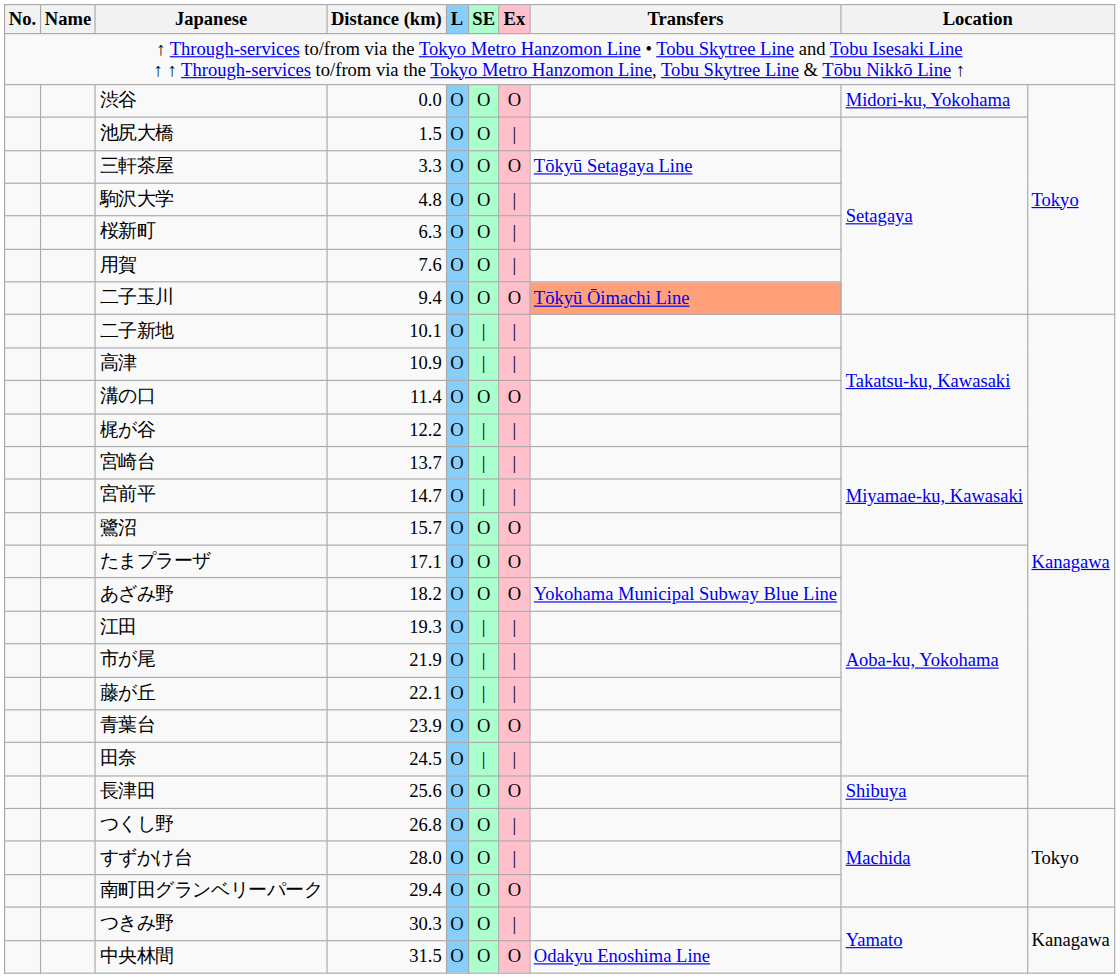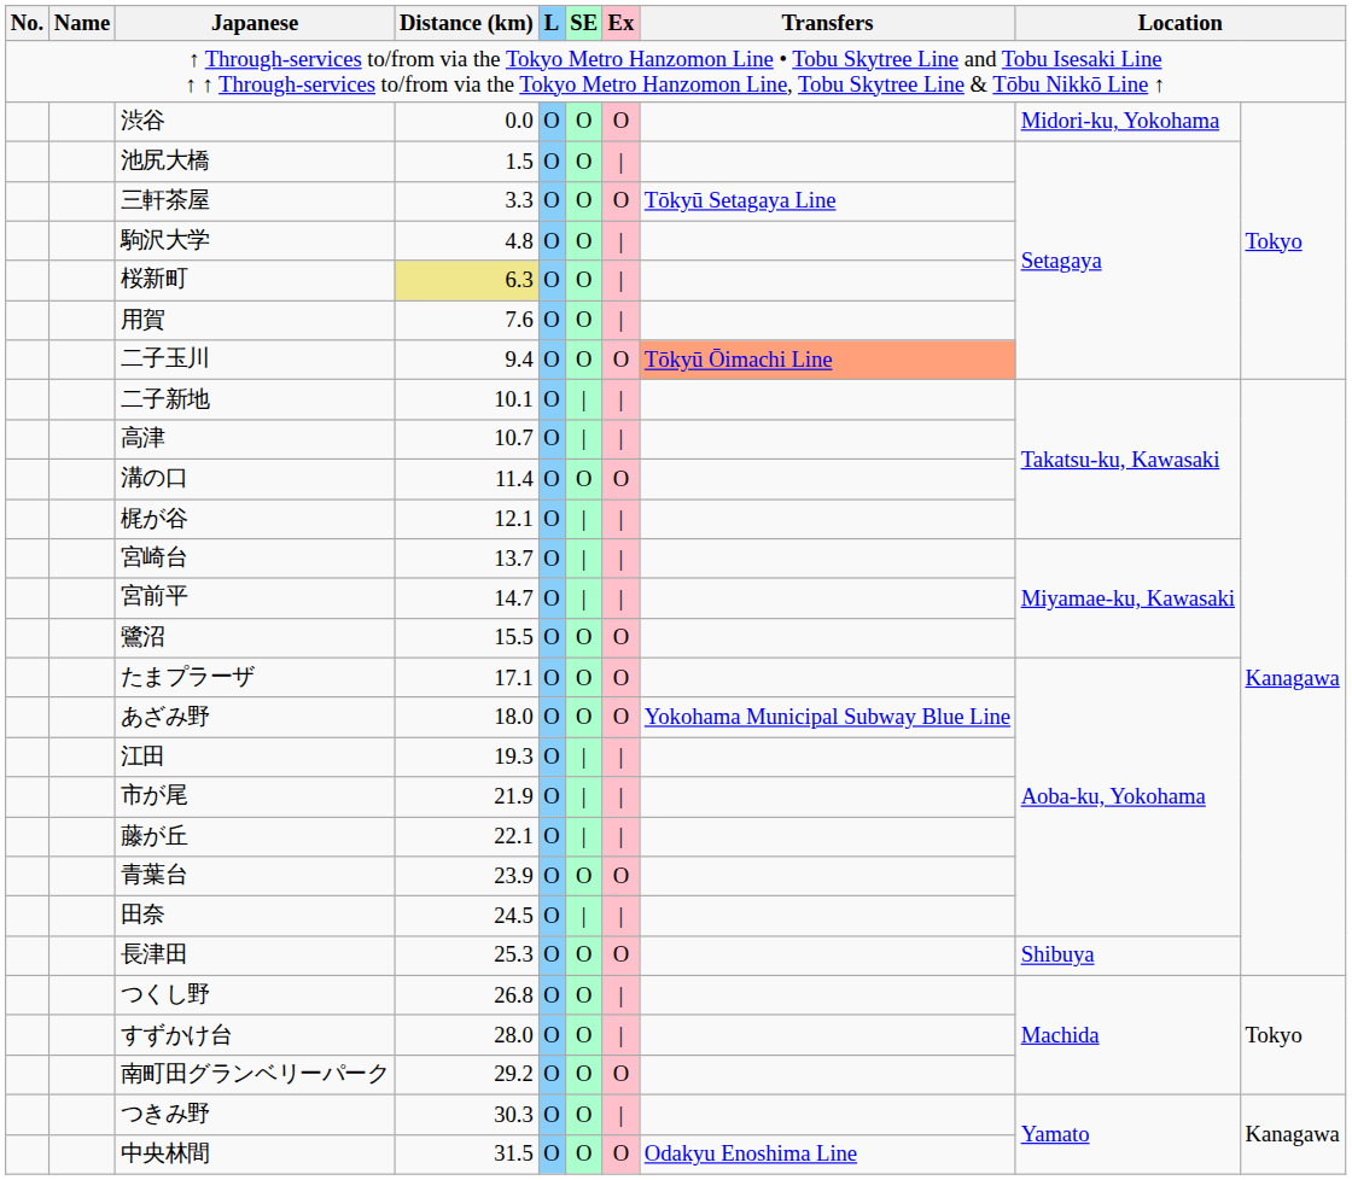 <table class="wikitable" style="text-align: center">
 <tr style="text-align: center; ">
 <th>No.</th>
 <th>Name</th>
 <th>Japanese</th>
 <th>Distance (km)</th>
 <th style="background: LightSkyBlue; ">L</th>
 <th style="background: #aaffcc; ">SE</th>
 <th style="background: pink; ">Ex</th>
 <th>Transfers</th>
 <th colspan="2">Location</th>
 </tr>
 <tr style="text-align: center; ">
 <td colspan="10" align="center">↑ <a href='#'>Through-services</a> to/from  via the   <a href='#'>Tokyo Metro Hanzomon Line</a> •  <a href='#'>Tobu Skytree Line</a> and <a href='#'>Tobu Isesaki Line</a><br>↑ ↑ <a href='#'>Through-services</a> to/from  via the  <a href='#'>Tokyo Metro Hanzomon Line</a>,  <a href='#'>Tobu Skytree Line</a> &  <a href='#'>Tōbu Nikkō Line</a> ↑</td>
 </tr>
 <tr style="text-align: center; ">
 <td style="text-align: left; "></td>
 <td style="text-align: left; "></td>
 <td style="text-align: left; ">渋谷</td>
 <td style="text-align: right; ">0.0</td>
 <td style="background: LightSkyBlue; ">O</td>
 <td style="background: #aaffcc; ">O</td>
 <td style="background: pink; ">O</td>
 <td style="text-align: left; "></td>
 <td style="text-align: left; "><a href='#'>Midori-ku, Yokohama</a></td>
 <td rowspan="7" style="text-align: left; "><a href='#'>Tokyo</a></td>
 </tr>
 <tr style="text-align: center; ">
 <td style="text-align: left; "></td>
 <td style="text-align: left; "></td>
 <td style="text-align: left; ">池尻大橋</td>
 <td style="text-align: right; ">1.5</td>
 <td style="background: LightSkyBlue; ">O</td>
 <td style="background: #aaffcc; ">O</td>
 <td style="background: pink; ">|</td>
 <td> </td>
 <td rowspan="6" style="text-align: left; "><a href='#'>Setagaya</a></td>
 </tr>
 <tr style="text-align: center; ">
 <td style="text-align: left; "></td>
 <td style="text-align: left; "></td>
 <td style="text-align: left; ">三軒茶屋</td>
 <td style="text-align: right; ">3.3</td>
 <td style="background: LightSkyBlue; ">O</td>
 <td style="background: #aaffcc; ">O</td>
 <td style="background: pink; ">O</td>
 <td style="text-align: left; "> <a href='#'>Tōkyū Setagaya Line</a></td>
 </tr>
 <tr style="text-align: center; ">
 <td style="text-align: left; "></td>
 <td style="text-align: left; "></td>
 <td style="text-align: left; ">駒沢大学</td>
 <td style="text-align: right; ">4.8</td>
 <td style="background: LightSkyBlue; ">O</td>
 <td style="background: #aaffcc; ">O</td>
 <td style="background: pink; ">|</td>
 <td> </td>
 </tr>
 <tr style="text-align: center; ">
 <td style="text-align: left; "></td>
 <td style="text-align: left; "></td>
 <td style="text-align: left; ">桜新町</td>
-<td style="text-align: right; ">6.3</td>
+<td style="background: khaki; text-align: right; ">6.3</td>
 <td style="background: LightSkyBlue; ">O</td>
 <td style="background: #aaffcc; ">O</td>
 <td style="background: pink; ">|</td>
 <td> </td>
 </tr>
 <tr style="text-align: center; ">
 <td style="text-align: left; "></td>
 <td style="text-align: left; "></td>
 <td style="text-align: left; ">用賀</td>
 <td style="text-align: right; ">7.6</td>
 <td style="background: LightSkyBlue; ">O</td>
 <td style="background: #aaffcc; ">O</td>
 <td style="background: pink; ">|</td>
 <td> </td>
 </tr>
 <tr style="text-align: center; ">
 <td style="text-align: left; "></td>
 <td style="text-align: left; "></td>
 <td style="text-align: left; ">二子玉川</td>
 <td style="text-align: right; ">9.4</td>
 <td style="background: LightSkyBlue; ">O</td>
 <td style="background: #aaffcc; ">O</td>
 <td style="background: pink; ">O</td>
 <td style="background: lightsalmon; text-align: left; "> <a href='#'>Tōkyū Ōimachi Line</a></td>
 </tr>
 <tr style="text-align: center; ">
 <td style="text-align: left; "></td>
 <td style="text-align: left; "></td>
 <td style="text-align: left; ">二子新地</td>
 <td style="text-align: right; ">10.1</td>
 <td style="background: LightSkyBlue; ">O</td>
 <td style="background: #aaffcc; ">|</td>
 <td style="background: pink; ">|</td>
 <td> </td>
 <td rowspan="4" style="text-align: left; "><a href='#'>Takatsu-ku, Kawasaki</a></td>
 <td rowspan="15" style="text-align: left; "><a href='#'>Kanagawa</a></td>
 </tr>
 <tr style="text-align: center; ">
 <td style="text-align: left; "></td>
 <td style="text-align: left; "></td>
 <td style="text-align: left; ">高津</td>
-<td style="text-align: right; ">10.9</td>
+<td style="text-align: right; ">10.7</td>
 <td style="background: LightSkyBlue; ">O</td>
 <td style="background: #aaffcc; ">|</td>
 <td style="background: pink; ">|</td>
 <td> </td>
 </tr>
 <tr style="text-align: center; ">
 <td style="text-align: left; "></td>
 <td style="text-align: left; "></td>
 <td style="text-align: left; ">溝の口</td>
 <td style="text-align: right; ">11.4</td>
 <td style="background: LightSkyBlue; ">O</td>
 <td style="background: #aaffcc; ">O</td>
 <td style="background: pink; ">O</td>
 <td style="text-align: left; "></td>
 </tr>
 <tr style="text-align: center; ">
 <td style="text-align: left; "></td>
 <td style="text-align: left; "></td>
 <td style="text-align: left; ">梶が谷</td>
-<td style="text-align: right; ">12.2</td>
+<td style="text-align: right; ">12.1</td>
 <td style="background: LightSkyBlue; ">O</td>
 <td style="background: #aaffcc; ">|</td>
 <td style="background: pink; ">|</td>
 <td> </td>
 </tr>
 <tr style="text-align: center; ">
 <td style="text-align: left; "></td>
 <td style="text-align: left; "></td>
 <td style="text-align: left; ">宮崎台</td>
 <td style="text-align: right; ">13.7</td>
 <td style="background: LightSkyBlue; ">O</td>
 <td style="background: #aaffcc; ">|</td>
 <td style="background: pink; ">|</td>
 <td> </td>
 <td rowspan="3" style="text-align: left; "><a href='#'>Miyamae-ku, Kawasaki</a></td>
 </tr>
 <tr style="text-align: center; ">
 <td style="text-align: left; "></td>
 <td style="text-align: left; "></td>
 <td style="text-align: left; ">宮前平</td>
 <td style="text-align: right; ">14.7</td>
 <td style="background: LightSkyBlue; ">O</td>
 <td style="background: #aaffcc; ">|</td>
 <td style="background: pink; ">|</td>
 <td> </td>
 </tr>
 <tr style="text-align: center; ">
 <td style="text-align: left; "></td>
 <td style="text-align: left; "></td>
 <td style="text-align: left; ">鷺沼</td>
-<td style="text-align: right; ">15.7</td>
+<td style="text-align: right; ">15.5</td>
 <td style="background: LightSkyBlue; ">O</td>
 <td style="background: #aaffcc; ">O</td>
 <td style="background: pink; ">O</td>
 <td> </td>
 </tr>
 <tr style="text-align: center; ">
 <td style="text-align: left; "></td>
 <td style="text-align: left; "></td>
 <td style="text-align: left; ">たまプラーザ</td>
 <td style="text-align: right; ">17.1</td>
 <td style="background: LightSkyBlue; ">O</td>
 <td style="background: #aaffcc; ">O</td>
 <td style="background: pink; ">O</td>
 <td> </td>
 <td rowspan="7" style="text-align: left; "><a href='#'>Aoba-ku, Yokohama</a></td>
 </tr>
 <tr style="text-align: center; ">
 <td style="text-align: left; "></td>
 <td style="text-align: left; "></td>
 <td style="text-align: left; ">あざみ野</td>
-<td style="text-align: right; ">18.2</td>
+<td style="text-align: right; ">18.0</td>
 <td style="background: LightSkyBlue; ">O</td>
 <td style="background: #aaffcc; ">O</td>
 <td style="background: pink; ">O</td>
 <td style="text-align: left; "> <a href='#'>Yokohama Municipal Subway Blue Line</a></td>
 </tr>
 <tr style="text-align: center; ">
 <td style="text-align: left; "></td>
 <td style="text-align: left; "></td>
 <td style="text-align: left; ">江田</td>
 <td style="text-align: right; ">19.3</td>
 <td style="background: LightSkyBlue; ">O</td>
 <td style="background: #aaffcc; ">|</td>
 <td style="background: pink; ">|</td>
 <td> </td>
 </tr>
 <tr style="text-align: center; ">
 <td style="text-align: left; "></td>
 <td style="text-align: left; "></td>
 <td style="text-align: left; ">市が尾</td>
 <td style="text-align: right; ">21.9</td>
 <td style="background: LightSkyBlue; ">O</td>
 <td style="background: #aaffcc; ">|</td>
 <td style="background: pink; ">|</td>
 <td> </td>
 </tr>
 <tr style="text-align: center; ">
 <td style="text-align: left; "></td>
 <td style="text-align: left; "></td>
 <td style="text-align: left; ">藤が丘</td>
 <td style="text-align: right; ">22.1</td>
 <td style="background: LightSkyBlue; ">O</td>
 <td style="background: #aaffcc; ">|</td>
 <td style="background: pink; ">|</td>
 <td> </td>
 </tr>
 <tr style="text-align: center; ">
 <td style="text-align: left; "></td>
 <td style="text-align: left; "></td>
 <td style="text-align: left; ">青葉台</td>
 <td style="text-align: right; ">23.9</td>
 <td style="background: LightSkyBlue; ">O</td>
 <td style="background: #aaffcc; ">O</td>
 <td style="background: pink; ">O</td>
 <td> </td>
 </tr>
 <tr style="text-align: center; ">
 <td style="text-align: left; "></td>
 <td style="text-align: left; "></td>
 <td style="text-align: left; ">田奈</td>
 <td style="text-align: right; ">24.5</td>
 <td style="background: LightSkyBlue; ">O</td>
 <td style="background: #aaffcc; ">|</td>
 <td style="background: pink; ">|</td>
 <td> </td>
 </tr>
 <tr style="text-align: center; ">
 <td style="text-align: left; "></td>
 <td style="text-align: left; "></td>
 <td style="text-align: left; ">長津田</td>
-<td style="text-align: right; ">25.6</td>
+<td style="text-align: right; ">25.3</td>
 <td style="background: LightSkyBlue; ">O</td>
 <td style="background: #aaffcc; ">O</td>
 <td style="background: pink; ">O</td>
 <td style="text-align: left; "></td>
 <td style="text-align: left; "><a href='#'>Shibuya</a></td>
 </tr>
 <tr style="text-align: center; ">
 <td style="text-align: left; "></td>
 <td style="text-align: left; "></td>
 <td style="text-align: left; ">つくし野</td>
 <td style="text-align: right; ">26.8</td>
 <td style="background: LightSkyBlue; ">O</td>
 <td style="background: #aaffcc; ">O</td>
 <td style="background: pink; ">|</td>
 <td> </td>
 <td rowspan="3" style="text-align: left; "><a href='#'>Machida</a></td>
 <td rowspan="3" style="text-align: left; ">Tokyo</td>
 </tr>
 <tr style="text-align: center; ">
 <td style="text-align: left; "></td>
 <td style="text-align: left; "></td>
 <td style="text-align: left; ">すずかけ台</td>
 <td style="text-align: right; ">28.0</td>
 <td style="background: LightSkyBlue; ">O</td>
 <td style="background: #aaffcc; ">O</td>
 <td style="background: pink; ">|</td>
 <td> </td>
 </tr>
 <tr style="text-align: center; ">
 <td style="text-align: left; "></td>
 <td style="text-align: left; "></td>
 <td style="text-align: left; ">南町田グランベリーパーク</td>
-<td style="text-align: right; ">29.4</td>
+<td style="text-align: right; ">29.2</td>
 <td style="background: LightSkyBlue; ">O</td>
 <td style="background: #aaffcc; ">O</td>
 <td style="background: pink; ">O</td>
 <td> </td>
 </tr>
 <tr style="text-align: center; ">
 <td style="text-align: left; "></td>
 <td style="text-align: left; "></td>
 <td style="text-align: left; ">つきみ野</td>
 <td style="text-align: right; ">30.3</td>
 <td style="background: LightSkyBlue; ">O</td>
 <td style="background: #aaffcc; ">O</td>
 <td style="background: pink; ">|</td>
 <td> </td>
 <td rowspan="2" style="text-align: left; "><a href='#'>Yamato</a></td>
 <td rowspan="2" style="text-align: left; ">Kanagawa</td>
 </tr>
 <tr style="text-align: center; ">
 <td style="text-align: left; "></td>
 <td style="text-align: left; "></td>
 <td style="text-align: left; ">中央林間</td>
 <td style="text-align: right; ">31.5</td>
 <td style="background: LightSkyBlue; ">O</td>
 <td style="background: #aaffcc; ">O</td>
 <td style="background: pink; ">O</td>
 <td style="text-align: left; "> <a href='#'>Odakyu Enoshima Line</a></td>
 </tr>
 </table>
